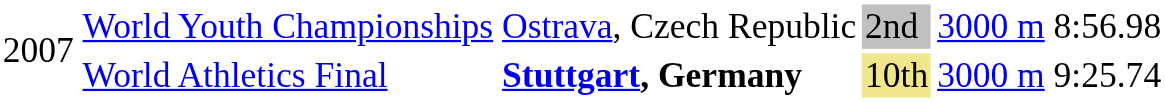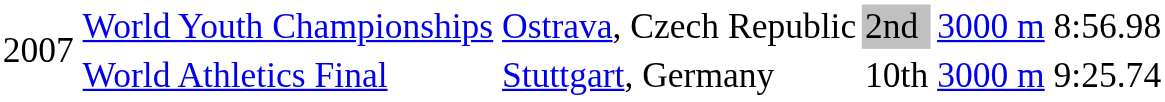 <table>
 <tr>
 <td rowspan=2>2007</td>
 <td><a href='#'>World Youth Championships</a></td>
 <td><a href='#'>Ostrava</a>, Czech Republic</td>
 <td bgcolor=silver>2nd</td>
 <td><a href='#'>3000 m</a></td>
 <td>8:56.98</td>
 </tr>
 <tr>
 <td><a href='#'>World Athletics Final</a></td>
-<td><strong><a href='#'>Stuttgart</a>, Germany</strong></td>
-<td style="background: khaki;">10th</td>
+<td><a href='#'>Stuttgart</a>, Germany</td>
+<td>10th</td>
 <td><a href='#'>3000 m</a></td>
 <td>9:25.74</td>
 </tr>
 <tr>
 </tr>
 </table>
